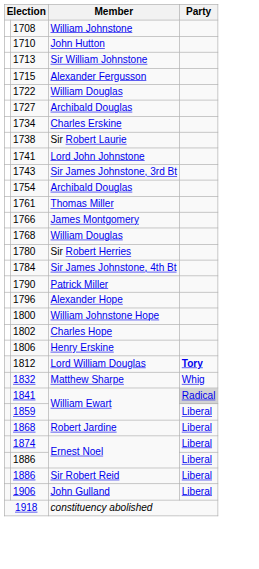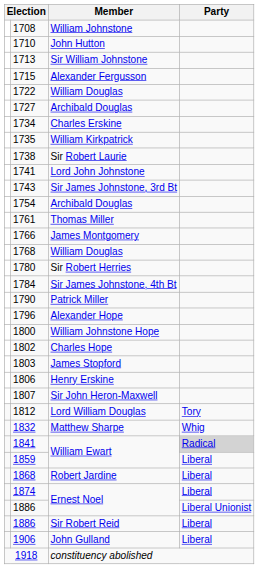 <table class="wikitable">
 <tr>
 <th colspan="2">Election</th>
 <th>Member</th>
 <th>Party</th>
 </tr>
 <tr>
 <td style="color:inherit;background-color: white"></td>
 <td>1708</td>
 <td><a href='#'>William Johnstone</a></td>
 <td></td>
 </tr>
 <tr>
 <td style="color:inherit;background-color: white"></td>
 <td>1710</td>
 <td><a href='#'>John Hutton</a></td>
 <td></td>
 </tr>
 <tr>
 <td style="color:inherit;background-color: white"></td>
 <td>1713</td>
 <td><a href='#'>Sir William Johnstone</a></td>
 <td></td>
 </tr>
 <tr>
 <td style="color:inherit;background-color: white"></td>
 <td>1715</td>
 <td><a href='#'>Alexander Fergusson</a></td>
 <td></td>
 </tr>
 <tr>
 <td style="color:inherit;background-color: white"></td>
 <td>1722</td>
 <td><a href='#'>William Douglas</a></td>
 <td></td>
 </tr>
 <tr>
 <td style="color:inherit;background-color: white"></td>
 <td>1727</td>
 <td><a href='#'>Archibald Douglas</a></td>
 <td></td>
 </tr>
 <tr>
 <td style="color:inherit;background-color: white"></td>
 <td>1734</td>
 <td><a href='#'>Charles Erskine</a></td>
+<td></td>
+</tr>
+<tr>
+<td style="color:inherit;background-color: white"></td>
+<td>1735</td>
+<td><a href='#'>William Kirkpatrick</a></td>
 <td></td>
 </tr>
 <tr>
 <td style="color:inherit;background-color: white"></td>
 <td>1738</td>
 <td>Sir <a href='#'>Robert Laurie</a></td>
 <td></td>
 </tr>
 <tr>
 <td style="color:inherit;background-color: white"></td>
 <td>1741</td>
 <td><a href='#'>Lord John Johnstone</a></td>
 <td></td>
 </tr>
 <tr>
 <td style="color:inherit;background-color: white"></td>
 <td>1743</td>
 <td><a href='#'>Sir James Johnstone, 3rd Bt</a></td>
 <td></td>
 </tr>
 <tr>
 <td style="color:inherit;background-color: white"></td>
 <td>1754</td>
 <td><a href='#'>Archibald Douglas</a></td>
 <td></td>
 </tr>
 <tr>
 <td style="color:inherit;background-color: white"></td>
 <td>1761</td>
 <td><a href='#'>Thomas Miller</a></td>
 <td></td>
 </tr>
 <tr>
 <td style="color:inherit;background-color: white"></td>
 <td>1766</td>
 <td><a href='#'>James Montgomery</a></td>
 <td></td>
 </tr>
 <tr>
 <td style="color:inherit;background-color: white"></td>
 <td>1768</td>
 <td><a href='#'>William Douglas</a></td>
 <td></td>
 </tr>
 <tr>
 <td style="color:inherit;background-color: white"></td>
 <td>1780</td>
 <td>Sir <a href='#'>Robert Herries</a></td>
 <td></td>
 </tr>
 <tr>
 <td style="color:inherit;background-color: white"></td>
 <td>1784</td>
 <td><a href='#'>Sir James Johnstone, 4th Bt</a></td>
 <td></td>
 </tr>
 <tr>
 <td style="color:inherit;background-color: white"></td>
 <td>1790</td>
 <td><a href='#'>Patrick Miller</a></td>
 <td></td>
 </tr>
 <tr>
 <td style="color:inherit;background-color: white"></td>
 <td>1796</td>
 <td><a href='#'>Alexander Hope</a></td>
 <td></td>
 </tr>
 <tr>
 <td style="color:inherit;background-color: white"></td>
 <td>1800</td>
 <td><a href='#'>William Johnstone Hope</a></td>
 <td></td>
 </tr>
 <tr>
 <td style="color:inherit;background-color: white"></td>
 <td>1802</td>
 <td><a href='#'>Charles Hope</a></td>
 <td></td>
 </tr>
 <tr>
 <td style="color:inherit;background-color: white"></td>
+<td>1803</td>
+<td><a href='#'>James Stopford</a></td>
+<td></td>
+</tr>
+<tr>
+<td style="color:inherit;background-color: white"></td>
 <td>1806</td>
 <td><a href='#'>Henry Erskine</a></td>
+<td></td>
+</tr>
+<tr>
+<td style="color:inherit;background-color: white"></td>
+<td>1807</td>
+<td><a href='#'>Sir John Heron-Maxwell</a></td>
 <td></td>
 </tr>
 <tr>
 <td style="color:inherit;background-color: "></td>
 <td>1812</td>
 <td><a href='#'>Lord William Douglas</a></td>
-<td><strong><a href='#'>Tory</a></strong></td>
+<td><a href='#'>Tory</a></td>
 </tr>
 <tr>
 <td style="color:inherit;background-color: "></td>
 <td><a href='#'>1832</a></td>
 <td><a href='#'>Matthew Sharpe</a></td>
 <td><a href='#'>Whig</a></td>
 </tr>
 <tr>
 <td style="color:inherit;background-color: "></td>
 <td><a href='#'>1841</a></td>
 <td rowspan="2"><a href='#'>William Ewart</a></td>
 <td style="background: lightgrey;"><a href='#'>Radical</a></td>
 </tr>
 <tr>
 <td style="color:inherit;background-color: "></td>
 <td><a href='#'>1859</a></td>
 <td><a href='#'>Liberal</a></td>
 </tr>
 <tr>
 <td style="color:inherit;background-color: "></td>
 <td><a href='#'>1868</a></td>
 <td><a href='#'>Robert Jardine</a></td>
 <td><a href='#'>Liberal</a></td>
 </tr>
 <tr>
 <td style="color:inherit;background-color: "></td>
 <td><a href='#'>1874</a></td>
 <td rowspan="2"><a href='#'>Ernest Noel</a></td>
 <td><a href='#'>Liberal</a></td>
 </tr>
 <tr>
 <td style="color:inherit;background-color: "></td>
 <td>1886</td>
-<td><a href='#'>Liberal</a></td>
+<td><a href='#'>Liberal Unionist</a></td>
 </tr>
 <tr>
 <td style="color:inherit;background-color: "></td>
 <td><a href='#'>1886</a></td>
 <td><a href='#'>Sir Robert Reid</a></td>
 <td><a href='#'>Liberal</a></td>
 </tr>
 <tr>
 <td style="color:inherit;background-color: "></td>
 <td><a href='#'>1906</a></td>
 <td><a href='#'>John Gulland</a></td>
 <td><a href='#'>Liberal</a></td>
 </tr>
 <tr>
 <td colspan="2" align="center"><a href='#'>1918</a></td>
 <td colspan="2"><em>constituency abolished</em></td>
 </tr>
 </table>
